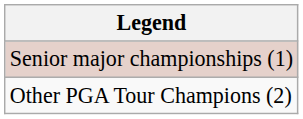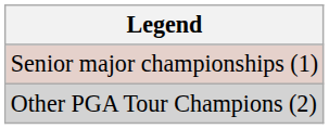 <table class="wikitable" style="font-size:95%;">
 <tr>
 <th>Legend</th>
 </tr>
 <tr style="background:#e5d1cb;">
 <td>Senior major championships (1)</td>
 </tr>
 <tr>
-<td>Other PGA Tour Champions (2)</td>
+<td style="background: lightgrey;">Other PGA Tour Champions (2)</td>
 </tr>
 </table>
